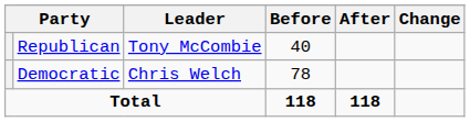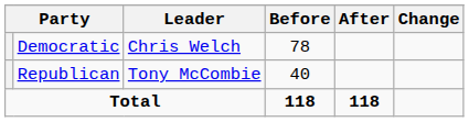 <table class="wikitable" style="text-align:center;">
 <tr>
 </tr>
 <tr>
 <th colspan="2">Party</th>
 <th>Leader</th>
 <th style="width:3em">Before</th>
 <th style="width:3em">After</th>
 <th style="width:3em">Change</th>
 </tr>
 <tr>
 <th style="background-color:"></th>
-<td style="text-align:left;"><a href='#'>Republican</a></td>
-<td style="text-align:left;"><a href='#'>Tony McCombie</a></td>
-<td>40</td>
+<td style="text-align:left;"><a href='#'>Democratic</a></td>
+<td style="text-align:left;"><a href='#'>Chris Welch</a></td>
+<td>78</td>
 <td></td>
 <td></td>
 </tr>
 <tr>
 <th style="background-color:"></th>
-<td style="text-align:left;"><a href='#'>Democratic</a></td>
-<td style="text-align:left;"><a href='#'>Chris Welch</a></td>
-<td>78</td>
+<td style="text-align:left;"><a href='#'>Republican</a></td>
+<td style="text-align:left;"><a href='#'>Tony McCombie</a></td>
+<td>40</td>
 <td></td>
 <td></td>
 </tr>
 <tr>
 <td colspan="3"><strong>Total</strong></td>
 <td><strong>118</strong></td>
 <td><strong>118</strong></td>
 <td></td>
 </tr>
 </table>
